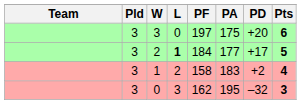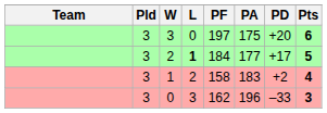 <table class=wikitable>
 <tr align=center>
 </tr>
 <tr>
 <th width=150>Team</th>
 <th width=20>Pld</th>
 <th width=20>W</th>
 <th width=20>L</th>
 <th width=30>PF</th>
 <th width=30>PA</th>
 <th width=30>PD</th>
 <th width=20>Pts</th>
 </tr>
 <tr align=center bgcolor=#aaffaa>
 <td align=left></td>
 <td>3</td>
 <td>3</td>
 <td>0</td>
 <td>197</td>
 <td>175</td>
 <td>+20</td>
 <td><strong>6</strong></td>
 </tr>
 <tr align=center bgcolor=#aaffaa>
 <td align=left></td>
 <td>3</td>
 <td>2</td>
 <td><strong>1</strong></td>
 <td>184</td>
 <td>177</td>
 <td>+17</td>
 <td><strong>5</strong></td>
 </tr>
 <tr align=center bgcolor=#ffaaaa>
 <td align=left></td>
 <td>3</td>
 <td>1</td>
 <td>2</td>
 <td>158</td>
 <td>183</td>
 <td>+2</td>
 <td><strong>4</strong></td>
 </tr>
 <tr align=center bgcolor=#ffaaaa>
 <td align=left></td>
 <td>3</td>
 <td>0</td>
 <td>3</td>
 <td>162</td>
-<td>195</td>
-<td>–32</td>
+<td>196</td>
+<td>–33</td>
 <td><strong>3</strong></td>
 </tr>
 </table>
